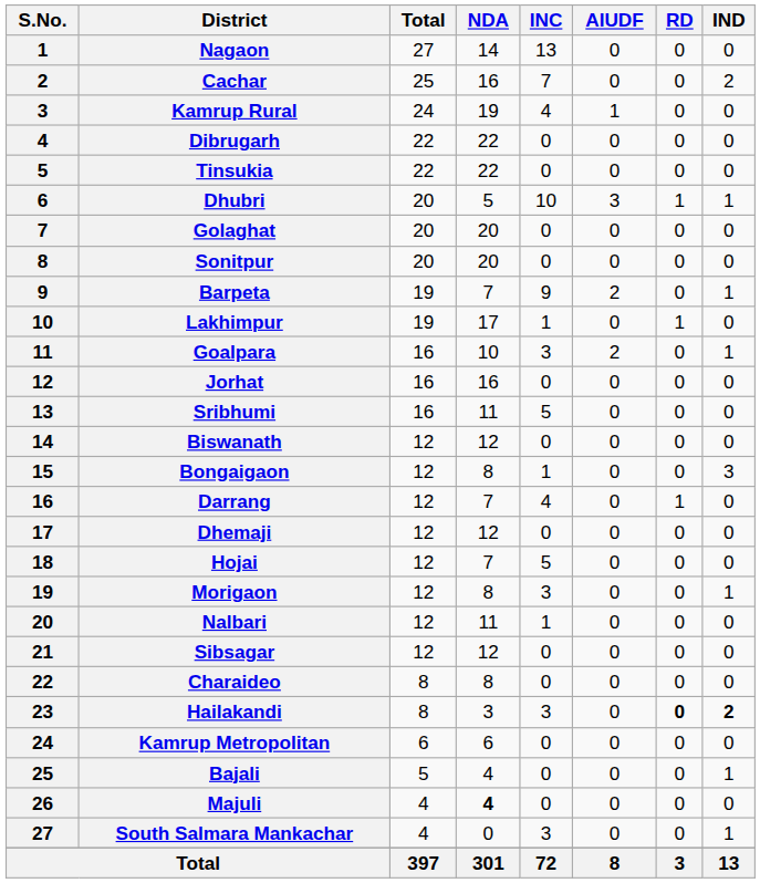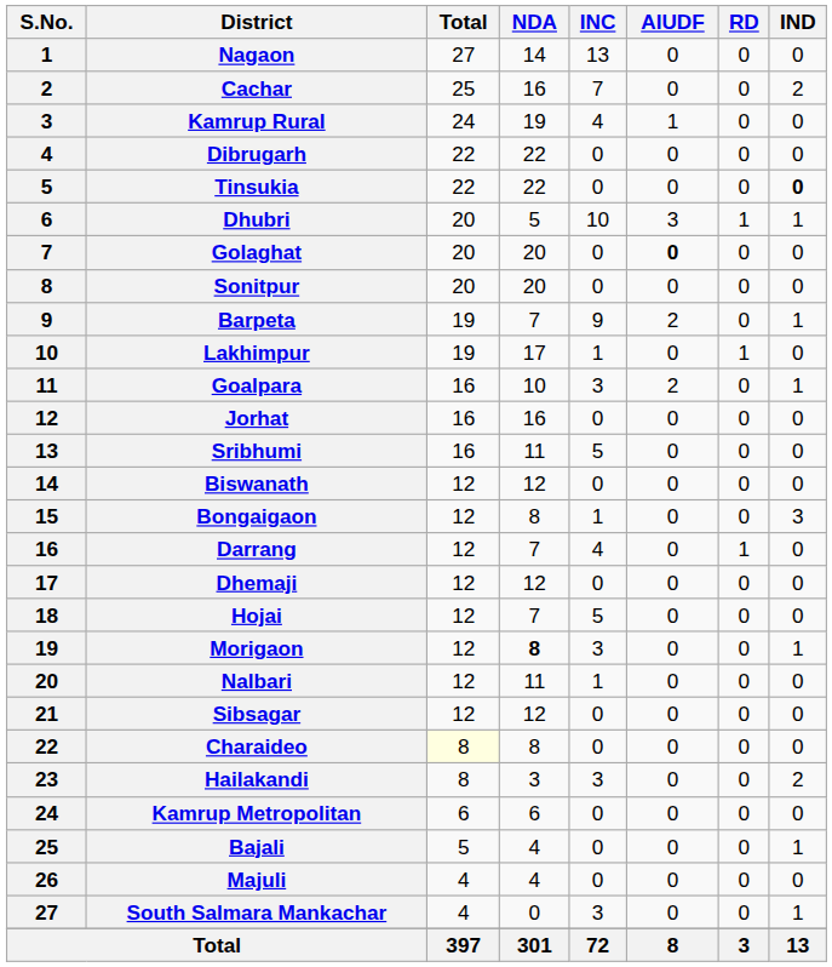 <table class="wikitable plainrowheaders sortable mw-collapsible" style="text-align:center; font-size:95%; width:600px; clear:right; margin:0px 0px 0.5em 1em;">
 <tr>
 <th scope="col">S.No.</th>
 <th scope="col">District</th>
 <th scope="col">Total</th>
 <th scope="col"><a href='#'>NDA</a></th>
 <th scope="col"><a href='#'>INC</a></th>
 <th scope="col"><a href='#'>AIUDF</a></th>
 <th scope="col"><a href='#'>RD</a></th>
 <th scope="col">IND</th>
 </tr>
 <tr>
 <th scope="row">1</th>
 <th scope="row"><a href='#'>Nagaon</a></th>
 <td>27</td>
 <td bgcolor=>14</td>
 <td>13</td>
 <td>0</td>
 <td>0</td>
 <td>0</td>
 </tr>
 <tr>
 <th scope="row">2</th>
 <th scope="row"><a href='#'>Cachar</a></th>
 <td>25</td>
 <td bgcolor=>16</td>
 <td>7</td>
 <td>0</td>
 <td>0</td>
 <td>2</td>
 </tr>
 <tr>
 <th scope="row">3</th>
 <th scope="row"><a href='#'>Kamrup Rural</a></th>
 <td>24</td>
 <td bgcolor=>19</td>
 <td>4</td>
 <td>1</td>
 <td>0</td>
 <td>0</td>
 </tr>
 <tr>
 <th scope="row">4</th>
 <th scope="row"><a href='#'>Dibrugarh</a></th>
 <td>22</td>
 <td bgcolor=>22</td>
 <td>0</td>
 <td>0</td>
 <td>0</td>
 <td>0</td>
 </tr>
 <tr>
 <th scope="row">5</th>
 <th scope="row"><a href='#'>Tinsukia</a></th>
 <td>22</td>
 <td bgcolor=>22</td>
 <td>0</td>
 <td>0</td>
 <td>0</td>
-<td>0</td>
+<td><strong>0</strong></td>
 </tr>
 <tr>
 <th scope="row">6</th>
 <th scope="row"><a href='#'>Dhubri</a></th>
 <td>20</td>
 <td>5</td>
 <td bgcolor=>10</td>
 <td>3</td>
 <td>1</td>
 <td>1</td>
 </tr>
 <tr>
 <th scope="row">7</th>
 <th scope="row"><a href='#'>Golaghat</a></th>
 <td>20</td>
 <td bgcolor=>20</td>
 <td>0</td>
-<td>0</td>
+<td><strong>0</strong></td>
 <td>0</td>
 <td>0</td>
 </tr>
 <tr>
 <th scope="row">8</th>
 <th scope="row"><a href='#'>Sonitpur</a></th>
 <td>20</td>
 <td bgcolor=>20</td>
 <td>0</td>
 <td>0</td>
 <td>0</td>
 <td>0</td>
 </tr>
 <tr>
 <th scope="row">9</th>
 <th scope="row"><a href='#'>Barpeta</a></th>
 <td>19</td>
 <td>7</td>
 <td bgcolor=>9</td>
 <td>2</td>
 <td>0</td>
 <td>1</td>
 </tr>
 <tr>
 <th scope="row">10</th>
 <th scope="row"><a href='#'>Lakhimpur</a></th>
 <td>19</td>
 <td bgcolor=>17</td>
 <td>1</td>
 <td>0</td>
 <td>1</td>
 <td>0</td>
 </tr>
 <tr>
 <th scope="row">11</th>
 <th scope="row"><a href='#'>Goalpara</a></th>
 <td>16</td>
 <td bgcolor=>10</td>
 <td>3</td>
 <td>2</td>
 <td>0</td>
 <td>1</td>
 </tr>
 <tr>
 <th scope="row">12</th>
 <th scope="row"><a href='#'>Jorhat</a></th>
 <td>16</td>
 <td bgcolor=>16</td>
 <td>0</td>
 <td>0</td>
 <td>0</td>
 <td>0</td>
 </tr>
 <tr>
 <th scope="row">13</th>
 <th scope="row"><a href='#'>Sribhumi</a></th>
 <td>16</td>
 <td bgcolor=>11</td>
 <td>5</td>
 <td>0</td>
 <td>0</td>
 <td>0</td>
 </tr>
 <tr>
 <th scope="row">14</th>
 <th scope="row"><a href='#'>Biswanath</a></th>
 <td>12</td>
 <td bgcolor=>12</td>
 <td>0</td>
 <td>0</td>
 <td>0</td>
 <td>0</td>
 </tr>
 <tr>
 <th scope="row">15</th>
 <th scope="row"><a href='#'>Bongaigaon</a></th>
 <td>12</td>
 <td bgcolor=>8</td>
 <td>1</td>
 <td>0</td>
 <td>0</td>
 <td>3</td>
 </tr>
 <tr>
 <th scope="row">16</th>
 <th scope="row"><a href='#'>Darrang</a></th>
 <td>12</td>
 <td bgcolor=>7</td>
 <td>4</td>
 <td>0</td>
 <td>1</td>
 <td>0</td>
 </tr>
 <tr>
 <th scope="row">17</th>
 <th scope="row"><a href='#'>Dhemaji</a></th>
 <td>12</td>
 <td bgcolor=>12</td>
 <td>0</td>
 <td>0</td>
 <td>0</td>
 <td>0</td>
 </tr>
 <tr>
 <th scope="row">18</th>
 <th scope="row"><a href='#'>Hojai</a></th>
 <td>12</td>
 <td bgcolor=>7</td>
 <td>5</td>
 <td>0</td>
 <td>0</td>
 <td>0</td>
 </tr>
 <tr>
 <th scope="row">19</th>
 <th scope="row"><a href='#'>Morigaon</a></th>
 <td>12</td>
-<td bgcolor=>8</td>
+<td bgcolor=><strong>8</strong></td>
 <td>3</td>
 <td>0</td>
 <td>0</td>
 <td>1</td>
 </tr>
 <tr>
 <th scope="row">20</th>
 <th scope="row"><a href='#'>Nalbari</a></th>
 <td>12</td>
 <td bgcolor=>11</td>
 <td>1</td>
 <td>0</td>
 <td>0</td>
 <td>0</td>
 </tr>
 <tr>
 <th scope="row">21</th>
 <th scope="row"><a href='#'>Sibsagar</a></th>
 <td>12</td>
 <td bgcolor=>12</td>
 <td>0</td>
 <td>0</td>
 <td>0</td>
 <td>0</td>
 </tr>
 <tr>
 <th scope="row">22</th>
 <th scope="row"><a href='#'>Charaideo</a></th>
-<td>8</td>
+<td style="background: lightyellow;">8</td>
 <td bgcolor=>8</td>
 <td>0</td>
 <td>0</td>
 <td>0</td>
 <td>0</td>
 </tr>
 <tr>
 <th scope="row">23</th>
 <th scope="row"><a href='#'>Hailakandi</a></th>
 <td>8</td>
 <td>3</td>
 <td>3</td>
 <td>0</td>
-<td><strong>0</strong></td>
-<td><strong>2</strong></td>
+<td>0</td>
+<td>2</td>
 </tr>
 <tr>
 <th scope="row">24</th>
 <th scope="row"><a href='#'>Kamrup Metropolitan</a></th>
 <td>6</td>
 <td bgcolor=>6</td>
 <td>0</td>
 <td>0</td>
 <td>0</td>
 <td>0</td>
 </tr>
 <tr>
 <th scope="row">25</th>
 <th scope="row"><a href='#'>Bajali</a></th>
 <td>5</td>
 <td bgcolor=>4</td>
 <td>0</td>
 <td>0</td>
 <td>0</td>
 <td>1</td>
 </tr>
 <tr>
 <th scope="row">26</th>
 <th scope="row"><a href='#'>Majuli</a></th>
 <td>4</td>
-<td bgcolor=><strong>4</strong></td>
+<td bgcolor=>4</td>
 <td>0</td>
 <td>0</td>
 <td>0</td>
 <td>0</td>
 </tr>
 <tr>
 <th scope="row">27</th>
 <th scope="row"><a href='#'>South Salmara Mankachar</a></th>
 <td>4</td>
 <td>0</td>
 <td bgcolor=>3</td>
 <td>0</td>
 <td>0</td>
 <td>1</td>
 </tr>
 <tr>
 </tr>
 <tr class="sortbottom">
 <th colspan="2">Total</th>
 <th scope="col">397</th>
 <th scope="col">301</th>
 <th scope="col">72</th>
 <th scope="col">8</th>
 <th scope="col">3</th>
 <th scope="col">13</th>
 </tr>
 </table>
